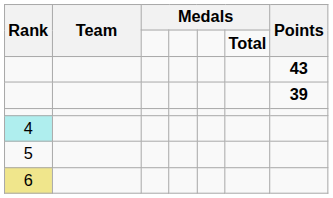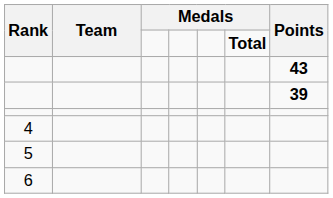 <table class="wikitable">
 <tr>
 <th rowspan=2>Rank</th>
 <th style="width:80px;" rowspan="2">Team</th>
 <th colspan=4>Medals</th>
 <th rowspan=2>Points</th>
 </tr>
 <tr>
 <td style="width:20px; text-align:center;"></td>
 <td style="width:20px; text-align:center;"></td>
 <td style="width:20px; text-align:center;"></td>
 <td><strong>Total</strong></td>
 </tr>
 <tr>
 <td align=center></td>
 <td></td>
 <td align=center></td>
 <td align=center></td>
 <td align=center></td>
 <td align=center></td>
 <td align=center><strong>43</strong></td>
 </tr>
 <tr>
 <td align=center></td>
 <td><strong></strong></td>
 <td align=center></td>
 <td align=center></td>
 <td align=center></td>
 <td align=center></td>
 <td align=center><strong>39</strong></td>
 </tr>
 <tr>
 <td align=center></td>
 <td></td>
 <td align=center></td>
 <td align=center></td>
 <td align=center></td>
 <td align=center></td>
 <td align=center></td>
 </tr>
 <tr>
-<td align=center style="background: paleturquoise;">4</td>
+<td align=center>4</td>
 <td></td>
 <td align=center></td>
 <td align=center></td>
 <td align=center></td>
 <td align=center></td>
 <td align=center></td>
 </tr>
 <tr>
 <td align=center>5</td>
 <td></td>
 <td align=center></td>
 <td align=center></td>
 <td align=center></td>
 <td align=center></td>
 <td align=center></td>
 </tr>
 <tr>
-<td align=center style="background: khaki;">6</td>
+<td align=center>6</td>
 <td></td>
 <td align=center></td>
 <td align=center></td>
 <td align=center></td>
 <td align=center></td>
 <td align=center></td>
 </tr>
 </table>
